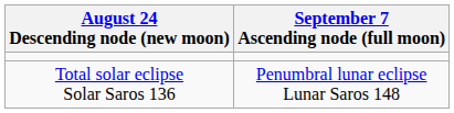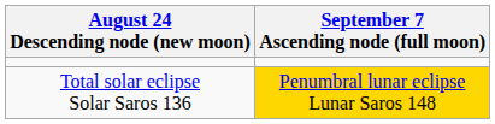 <table class="wikitable">
 <tr>
 <th><a href='#'>August 24</a><br>Descending node (new moon)<br></th>
 <th><a href='#'>September 7</a><br>Ascending node (full moon)<br></th>
 </tr>
 <tr>
 <td></td>
 <td></td>
 </tr>
 <tr align=center>
 <td><a href='#'>Total solar eclipse</a><br>Solar Saros 136</td>
-<td><a href='#'>Penumbral lunar eclipse</a><br>Lunar Saros 148</td>
+<td style="background: gold;"><a href='#'>Penumbral lunar eclipse</a><br>Lunar Saros 148</td>
 </tr>
 </table>
